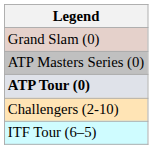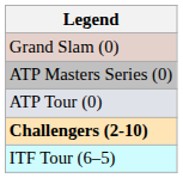 <table class=wikitable>
 <tr>
 <th>Legend</th>
 </tr>
 <tr bgcolor=e5d1cb>
 <td>Grand Slam (0)</td>
 </tr>
 <tr bgcolor=silver>
 <td>ATP Masters Series (0)</td>
 </tr>
 <tr bgcolor=dfe2e9>
-<td><strong>ATP Tour (0)</strong></td>
+<td>ATP Tour (0)</td>
 </tr>
 <tr bgcolor=moccasin>
-<td>Challengers (2-10)</td>
+<td><strong>Challengers (2-10)</strong></td>
 </tr>
 <tr bgcolor=cffcff>
 <td>ITF Tour (6–5)</td>
 </tr>
 </table>
